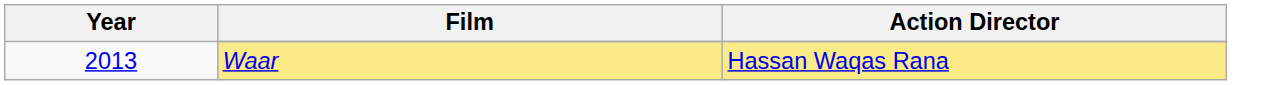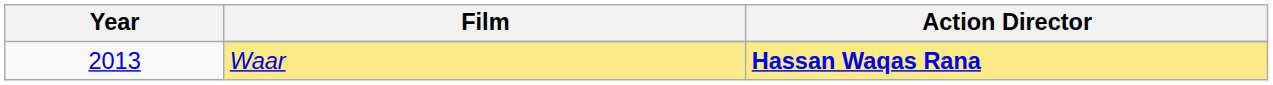 <table class="wikitable">
 <tr>
 <th width="8%">Year</th>
 <th width="19%">Film</th>
 <th width="19%">Action Director</th>
 </tr>
 <tr>
 <td rowspan=2 style="text-align:center"><a href='#'>2013</a><br></td>
 </tr>
 <tr style="background:#FAEB86">
 <td><em><a href='#'>Waar</a></em></td>
-<td><a href='#'>Hassan Waqas Rana</a></td>
+<td><strong><a href='#'>Hassan Waqas Rana</a></strong></td>
 </tr>
 </table>
